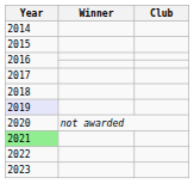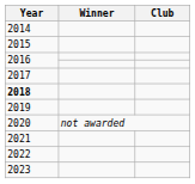 <table class="wikitable sortable" width="40%">
 <tr bgcolor="#efefef">
 <th>Year</th>
 <th>Winner</th>
 <th>Club</th>
 </tr>
 <tr>
 <td>2014</td>
 <td></td>
 <td></td>
 </tr>
 <tr>
 <td>2015</td>
 <td></td>
 <td></td>
 </tr>
 <tr>
 <td rowspan="2">2016</td>
 <td></td>
 <td></td>
 </tr>
 <tr>
 <td></td>
 <td></td>
 </tr>
 <tr>
 <td>2017</td>
 <td></td>
 <td></td>
 </tr>
 <tr>
-<td>2018</td>
+<td><strong>2018</strong></td>
 <td></td>
 <td></td>
 </tr>
 <tr>
-<td style="background: lavender;">2019</td>
+<td>2019</td>
 <td></td>
 <td></td>
 </tr>
 <tr>
 <td>2020</td>
 <td colspan=2><em>not awarded</em></td>
 </tr>
 <tr>
-<td style="background: lightgreen;">2021</td>
+<td>2021</td>
 <td></td>
 <td></td>
 </tr>
 <tr>
 <td>2022</td>
 <td></td>
 <td></td>
 </tr>
 <tr>
 <td>2023</td>
 <td></td>
 <td></td>
 </tr>
 </table>
